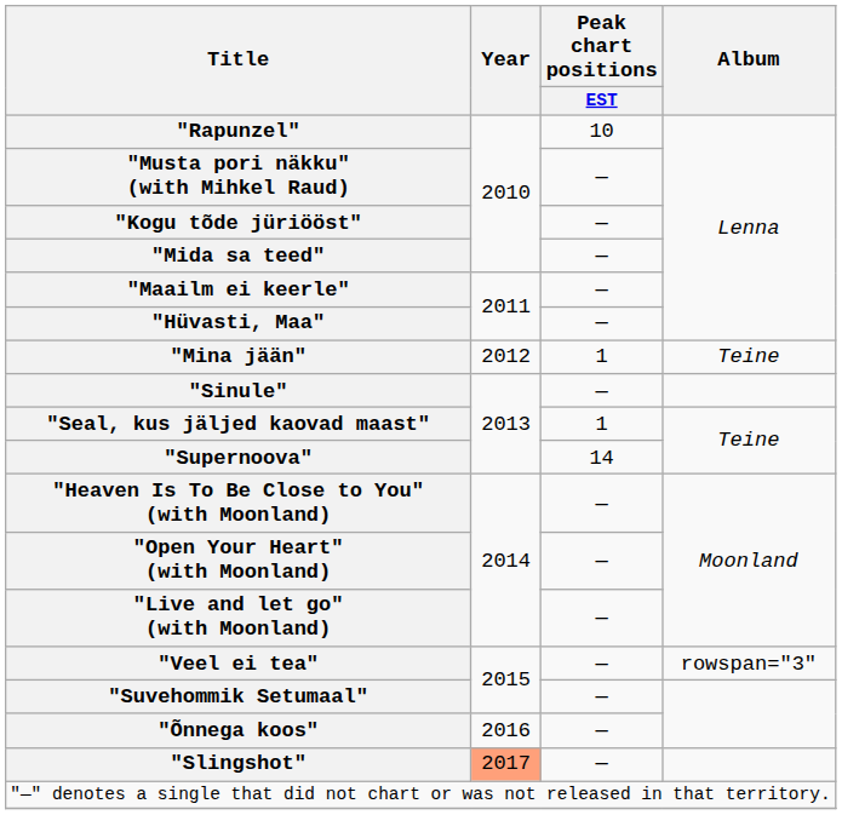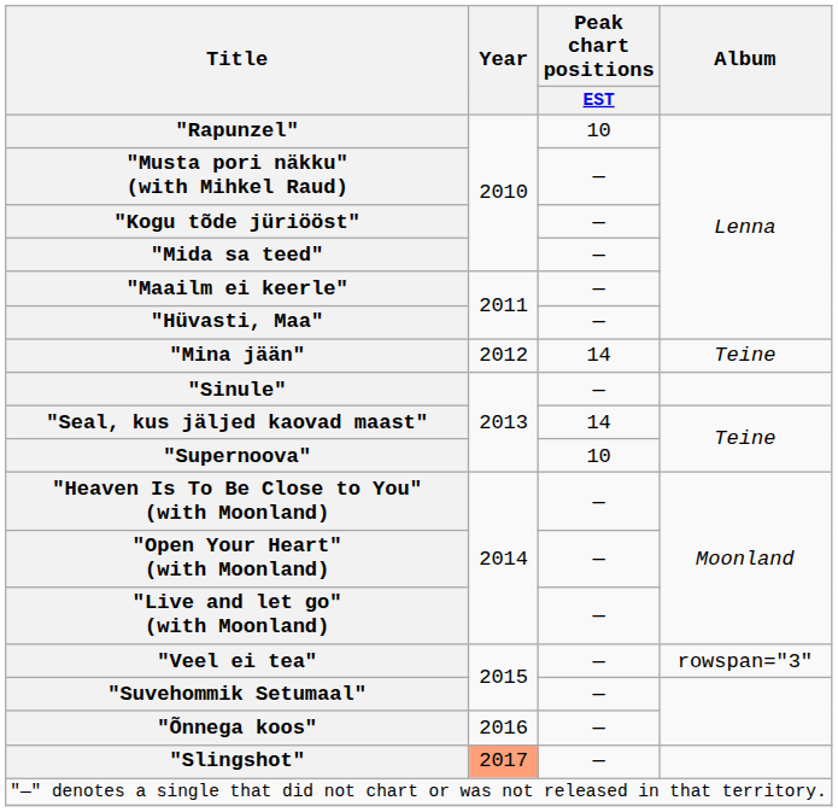 <table class="wikitable plainrowheaders" style="text-align:center;">
 <tr>
 <th scope="col" rowspan="2">Title</th>
 <th scope="col" rowspan="2">Year</th>
 <th scope="col" colspan="1">Peak chart positions</th>
 <th scope="col" rowspan="2">Album</th>
 </tr>
 <tr>
 <th scope="col" style="width:3em;font-size:85%;"><a href='#'>EST</a></th>
 </tr>
 <tr>
 <th scope="row">"Rapunzel"</th>
 <td rowspan="4">2010</td>
 <td>10</td>
 <td rowspan="6"><em>Lenna</em></td>
 </tr>
 <tr>
 <th scope="row">"Musta pori näkku" <br><span>(with Mihkel Raud)</span></th>
 <td>—</td>
 </tr>
 <tr>
 <th scope="row">"Kogu tõde jüriööst"</th>
 <td>—</td>
 </tr>
 <tr>
 <th scope="row">"Mida sa teed"</th>
 <td>—</td>
 </tr>
 <tr>
 <th scope="row">"Maailm ei keerle"</th>
 <td rowspan="2">2011</td>
 <td>—</td>
 </tr>
 <tr>
 <th scope="row">"Hüvasti, Maa"</th>
 <td>—</td>
 </tr>
 <tr>
 <th scope="row">"Mina jään"</th>
 <td>2012</td>
-<td>1</td>
+<td>14</td>
 <td><em>Teine</em></td>
 </tr>
 <tr>
 <th scope="row">"Sinule"</th>
 <td rowspan="3">2013</td>
 <td>—</td>
 <td></td>
 </tr>
 <tr>
 <th scope="row">"Seal, kus jäljed kaovad maast"</th>
-<td>1</td>
+<td>14</td>
 <td rowspan="2"><em>Teine</em></td>
 </tr>
 <tr>
 <th scope="row">"Supernoova"</th>
-<td>14</td>
+<td>10</td>
 </tr>
 <tr>
 <th scope="row">"Heaven Is To Be Close to You"<br><span>(with Moonland)</span></th>
 <td rowspan="3">2014</td>
 <td>—</td>
 <td rowspan="3"><em>Moonland</em></td>
 </tr>
 <tr>
 <th scope="row">"Open Your Heart"<br><span>(with Moonland)</span></th>
 <td>—</td>
 </tr>
 <tr>
 <th scope="row">"Live and let go"<br><span>(with Moonland)</span></th>
 <td>—</td>
 </tr>
 <tr>
 <th scope="row">"Veel ei tea"</th>
 <td rowspan="2">2015</td>
 <td>—</td>
 <td>rowspan="3" </td>
 </tr>
 <tr>
 <th scope="row">"Suvehommik Setumaal"</th>
 <td>—</td>
 </tr>
 <tr>
 <th scope="row">"Õnnega koos"</th>
 <td>2016</td>
 <td>—</td>
 </tr>
 <tr>
 <th scope="row">"Slingshot"</th>
 <td style="background: lightsalmon;">2017</td>
 <td>—</td>
 <td></td>
 </tr>
 <tr>
 <td colspan="10" style="font-size:85%">"—" denotes a single that did not chart or was not released in that territory.</td>
 </tr>
 <tr>
 </tr>
 </table>
